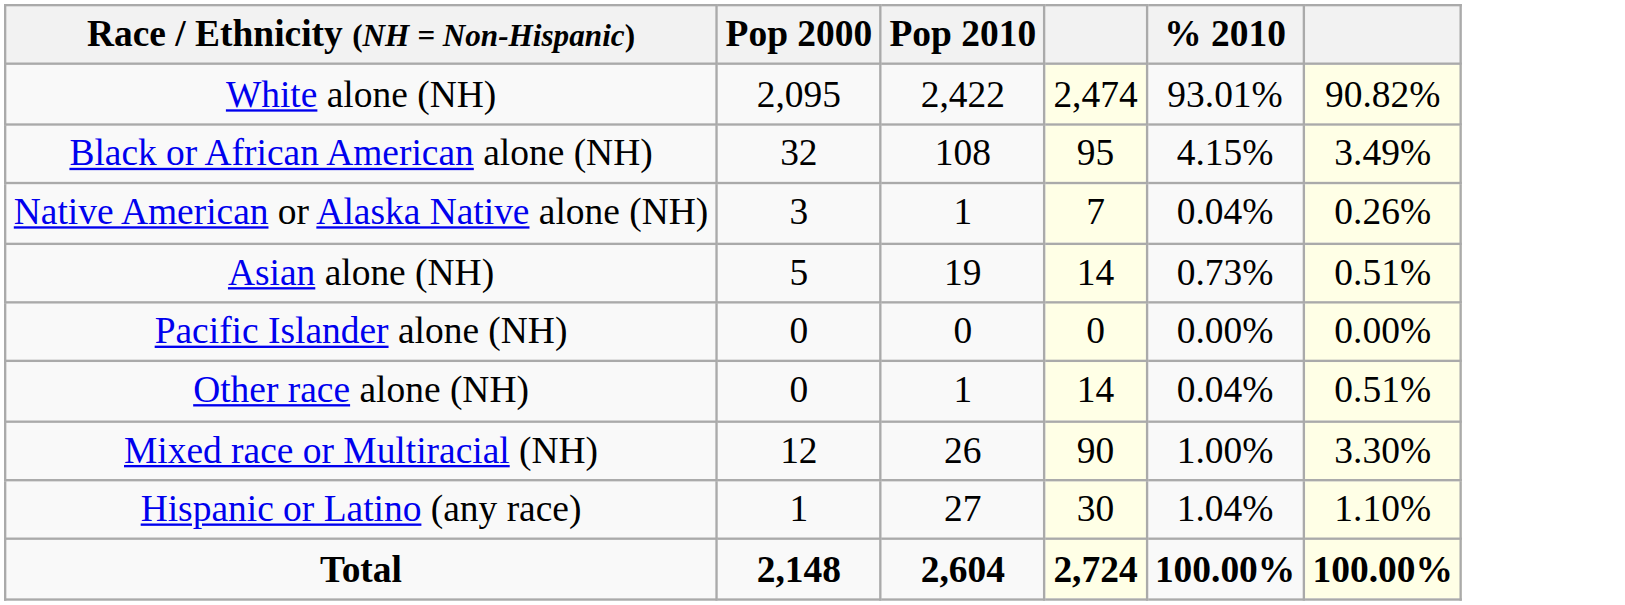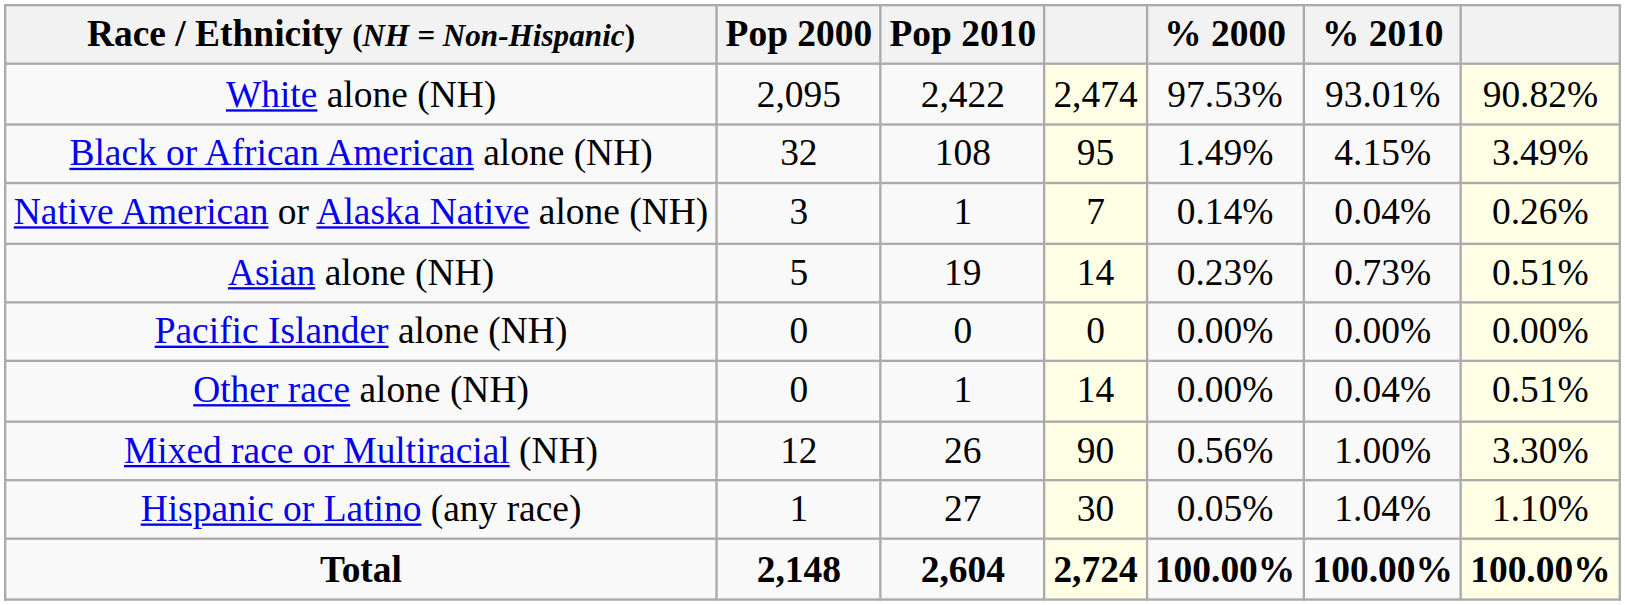 <table class="wikitable" style="text-align:center;">
 <tr>
 <th>Race / Ethnicity <small>(<em>NH = Non-Hispanic</em>)</small></th>
 <th>Pop 2000</th>
 <th>Pop 2010</th>
 <th></th>
+<th>% 2000</th>
 <th>% 2010</th>
 <th></th>
 </tr>
 <tr>
 <td><a href='#'>White</a> alone (NH)</td>
 <td>2,095</td>
 <td>2,422</td>
 <td style='background: #ffffe6;'>2,474</td>
+<td>97.53%</td>
 <td>93.01%</td>
 <td style='background: #ffffe6;'>90.82%</td>
 </tr>
 <tr>
 <td><a href='#'>Black or African American</a> alone (NH)</td>
 <td>32</td>
 <td>108</td>
 <td style='background: #ffffe6;'>95</td>
+<td>1.49%</td>
 <td>4.15%</td>
 <td style='background: #ffffe6;'>3.49%</td>
 </tr>
 <tr>
 <td><a href='#'>Native American</a> or <a href='#'>Alaska Native</a> alone (NH)</td>
 <td>3</td>
 <td>1</td>
 <td style='background: #ffffe6;'>7</td>
+<td>0.14%</td>
 <td>0.04%</td>
 <td style='background: #ffffe6;'>0.26%</td>
 </tr>
 <tr>
 <td><a href='#'>Asian</a> alone (NH)</td>
 <td>5</td>
 <td>19</td>
 <td style='background: #ffffe6;'>14</td>
+<td>0.23%</td>
 <td>0.73%</td>
 <td style='background: #ffffe6;'>0.51%</td>
 </tr>
 <tr>
 <td><a href='#'>Pacific Islander</a> alone (NH)</td>
 <td>0</td>
 <td>0</td>
 <td style='background: #ffffe6;'>0</td>
 <td>0.00%</td>
+<td>0.00%</td>
 <td style='background: #ffffe6;'>0.00%</td>
 </tr>
 <tr>
 <td><a href='#'>Other race</a> alone (NH)</td>
 <td>0</td>
 <td>1</td>
 <td style='background: #ffffe6;'>14</td>
+<td>0.00%</td>
 <td>0.04%</td>
 <td style='background: #ffffe6;'>0.51%</td>
 </tr>
 <tr>
 <td><a href='#'>Mixed race or Multiracial</a> (NH)</td>
 <td>12</td>
 <td>26</td>
 <td style='background: #ffffe6;'>90</td>
+<td>0.56%</td>
 <td>1.00%</td>
 <td style='background: #ffffe6;'>3.30%</td>
 </tr>
 <tr>
 <td><a href='#'>Hispanic or Latino</a> (any race)</td>
 <td>1</td>
 <td>27</td>
 <td style='background: #ffffe6;'>30</td>
+<td>0.05%</td>
 <td>1.04%</td>
 <td style='background: #ffffe6;'>1.10%</td>
 </tr>
 <tr>
 <td><strong>Total</strong></td>
 <td><strong>2,148</strong></td>
 <td><strong>2,604</strong></td>
 <td style='background: #ffffe6;'><strong>2,724</strong></td>
 <td><strong>100.00%</strong></td>
+<td><strong>100.00%</strong></td>
 <td style='background: #ffffe6;'><strong>100.00%</strong></td>
 </tr>
 </table>
